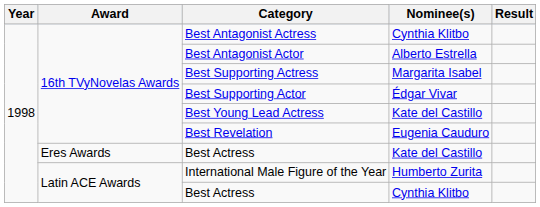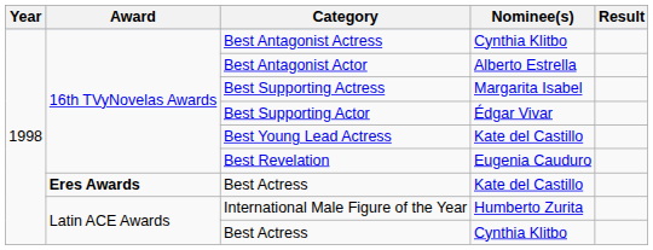 <table class="wikitable">
 <tr style="background:#b0c4de;">
 <th>Year</th>
 <th>Award</th>
 <th>Category</th>
 <th>Nominee(s)</th>
 <th>Result</th>
 </tr>
 <tr>
 <td rowspan=9>1998</td>
 <td rowspan=6><a href='#'>16th TVyNovelas Awards</a></td>
 <td><a href='#'>Best Antagonist Actress</a></td>
 <td><a href='#'>Cynthia Klitbo</a></td>
 <td></td>
 </tr>
 <tr>
 <td><a href='#'>Best Antagonist Actor</a></td>
 <td><a href='#'>Alberto Estrella</a></td>
 <td></td>
 </tr>
 <tr>
 <td><a href='#'>Best Supporting Actress</a></td>
 <td><a href='#'>Margarita Isabel</a></td>
 <td></td>
 </tr>
 <tr>
 <td><a href='#'>Best Supporting Actor</a></td>
 <td><a href='#'>Édgar Vivar</a></td>
 <td></td>
 </tr>
 <tr>
 <td><a href='#'>Best Young Lead Actress</a></td>
 <td><a href='#'>Kate del Castillo</a></td>
 <td></td>
 </tr>
 <tr>
 <td><a href='#'>Best Revelation</a></td>
 <td><a href='#'>Eugenia Cauduro</a></td>
 <td></td>
 </tr>
 <tr>
-<td>Eres Awards</td>
+<td><strong>Eres Awards</strong></td>
 <td>Best Actress</td>
 <td><a href='#'>Kate del Castillo</a></td>
 <td></td>
 </tr>
 <tr>
 <td rowspan=2>Latin ACE Awards</td>
 <td>International Male Figure of the Year</td>
 <td><a href='#'>Humberto Zurita</a></td>
 <td></td>
 </tr>
 <tr>
 <td>Best Actress</td>
 <td><a href='#'>Cynthia Klitbo</a></td>
 <td></td>
 </tr>
 </table>
